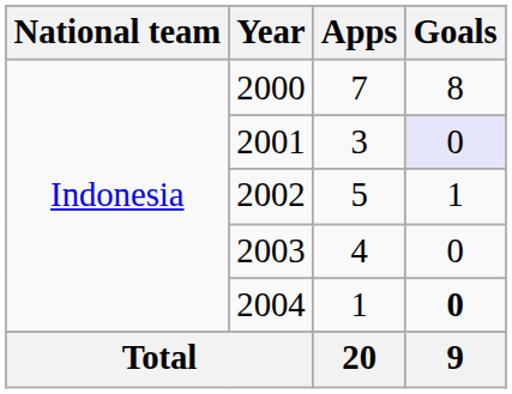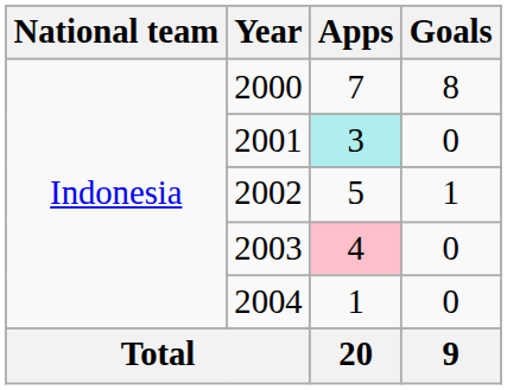 <table class="wikitable" style="text-align:center">
 <tr>
 <th>National team</th>
 <th>Year</th>
 <th>Apps</th>
 <th>Goals</th>
 </tr>
 <tr>
 <td rowspan="5"><a href='#'>Indonesia</a></td>
 <td>2000</td>
 <td>7</td>
 <td>8</td>
 </tr>
 <tr>
 <td>2001</td>
-<td>3</td>
-<td style="background: lavender;">0</td>
+<td style="background: paleturquoise;">3</td>
+<td>0</td>
 </tr>
 <tr>
 <td>2002</td>
 <td>5</td>
 <td>1</td>
 </tr>
 <tr>
 <td>2003</td>
-<td>4</td>
+<td style="background: pink;">4</td>
 <td>0</td>
 </tr>
 <tr>
 <td>2004</td>
 <td>1</td>
-<td><strong>0</strong></td>
+<td>0</td>
 </tr>
 <tr>
 <th colspan="2">Total</th>
 <th>20</th>
 <th>9</th>
 </tr>
 </table>
